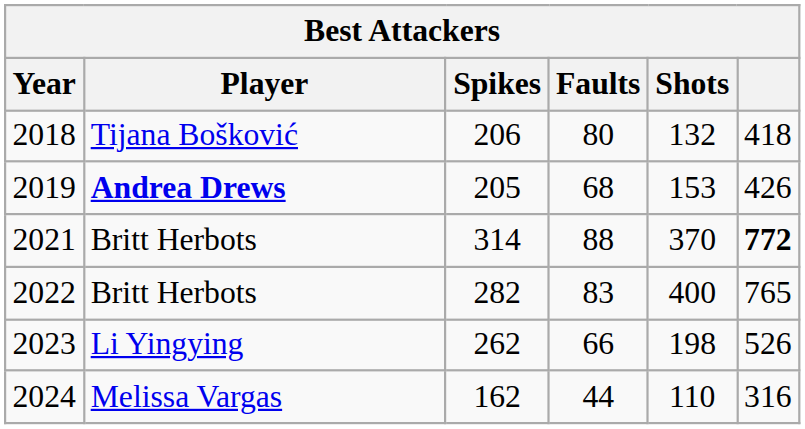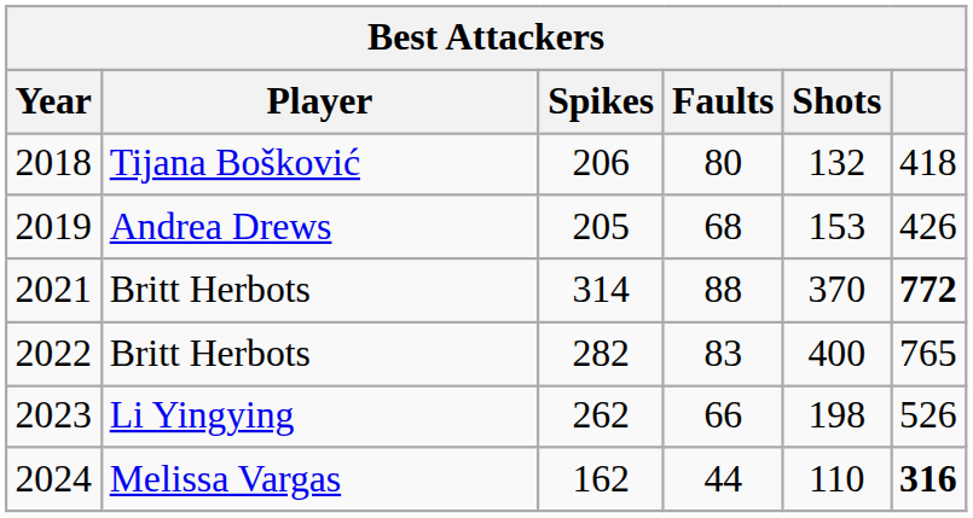 <table class="wikitable sortable" style=font-size:90%>
 <tr>
 <th colspan=7>Best Attackers</th>
 </tr>
 <tr>
 <th width=20>Year</th>
 <th width=158>Player</th>
 <th width=20>Spikes</th>
 <th width=20>Faults</th>
 <th width=20>Shots</th>
 <th width=20></th>
 </tr>
 <tr>
 <td>2018</td>
 <td> <a href='#'>Tijana Bošković</a></td>
 <td align=center>206</td>
 <td align=center>80</td>
 <td align=center>132</td>
 <td align=center>418</td>
 </tr>
 <tr>
 <td>2019</td>
-<td><strong> <a href='#'>Andrea Drews</a></strong></td>
+<td> <a href='#'>Andrea Drews</a></td>
 <td align=center>205</td>
 <td align=center>68</td>
 <td align=center>153</td>
 <td align=center>426</td>
 </tr>
 <tr>
 <td>2021</td>
 <td> Britt Herbots</td>
 <td align=center>314</td>
 <td align=center>88</td>
 <td align=center>370</td>
 <td align=center><strong>772</strong></td>
 </tr>
 <tr>
 <td>2022</td>
 <td> Britt Herbots</td>
 <td align=center>282</td>
 <td align=center>83</td>
 <td align=center>400</td>
 <td align=center>765</td>
 </tr>
 <tr>
 <td>2023</td>
 <td> <a href='#'>Li Yingying</a></td>
 <td align=center>262</td>
 <td align=center>66</td>
 <td align=center>198</td>
 <td align=center>526</td>
 </tr>
 <tr>
 <td>2024</td>
 <td> <a href='#'>Melissa Vargas</a></td>
 <td align=center>162</td>
 <td align=center>44</td>
 <td align=center>110</td>
-<td align=center>316</td>
+<td align=center><strong>316</strong></td>
 </tr>
 </table>
